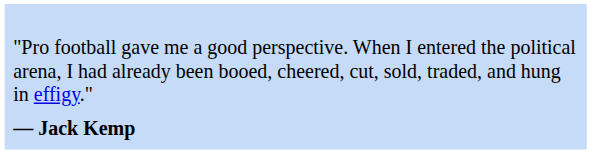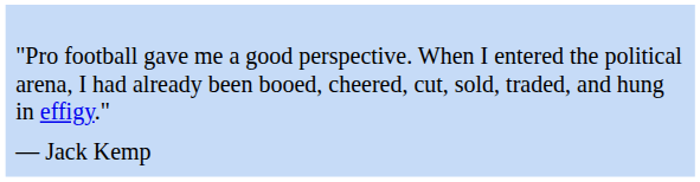 <table class="toccolours" style="float: right; margin-left: 1em; margin-right: 2em; font-size: 85%; background:#c6dbf7; color:black; width:30em; max-width: 25%;" cellspacing="5">
 <tr>
 <td style="text-align: left;"><br>"Pro football gave me a good perspective. When I entered the political arena, I had already been booed, cheered, cut, sold, traded, and hung in <a href='#'>effigy</a>."</td>
 </tr>
 <tr>
-<td style="text-align: left;"><strong>— Jack Kemp</strong></td>
+<td style="text-align: left;">— Jack Kemp</td>
 </tr>
 </table>
